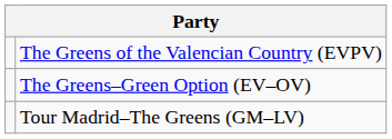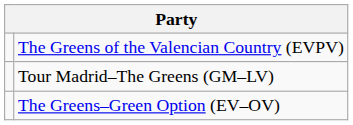 <table class="wikitable" style="text-align:left; font-size:97%;">
 <tr>
 <th colspan="2">Party</th>
 </tr>
 <tr>
 <td width="1"></td>
 <td><a href='#'>The Greens of the Valencian Country</a> (EVPV)</td>
 </tr>
 <tr>
 <td></td>
-<td><a href='#'>The Greens–Green Option</a> (EV–OV)</td>
+<td>Tour Madrid–The Greens (GM–LV)</td>
 </tr>
 <tr>
 <td></td>
-<td>Tour Madrid–The Greens (GM–LV)</td>
+<td><a href='#'>The Greens–Green Option</a> (EV–OV)</td>
 </tr>
 </table>
